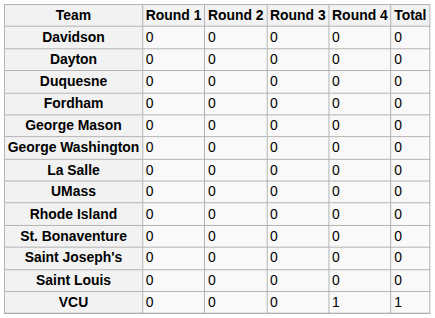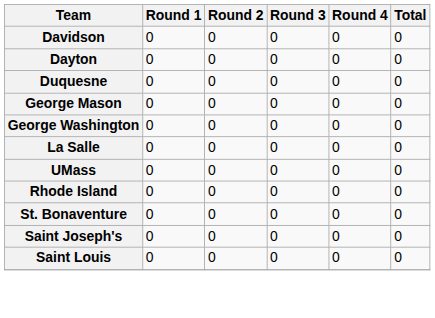 <table class="wikitable sortable">
 <tr>
 <th>Team</th>
 <th>Round 1</th>
 <th>Round 2</th>
 <th>Round 3</th>
 <th>Round 4</th>
 <th>Total</th>
 </tr>
 <tr>
 <th>Davidson</th>
 <td>0</td>
 <td>0</td>
 <td>0</td>
 <td>0</td>
 <td>0</td>
 </tr>
 <tr>
 <th>Dayton</th>
 <td>0</td>
 <td>0</td>
 <td>0</td>
 <td>0</td>
 <td>0</td>
 </tr>
 <tr>
 <th>Duquesne</th>
-<td>0</td>
-<td>0</td>
-<td>0</td>
-<td>0</td>
-<td>0</td>
-</tr>
-<tr>
-<th>Fordham</th>
 <td>0</td>
 <td>0</td>
 <td>0</td>
 <td>0</td>
 <td>0</td>
 </tr>
 <tr>
 <th>George Mason</th>
 <td>0</td>
 <td>0</td>
 <td>0</td>
 <td>0</td>
 <td>0</td>
 </tr>
 <tr>
 <th>George Washington</th>
 <td>0</td>
 <td>0</td>
 <td>0</td>
 <td>0</td>
 <td>0</td>
 </tr>
 <tr>
 <th>La Salle</th>
 <td>0</td>
 <td>0</td>
 <td>0</td>
 <td>0</td>
 <td>0</td>
 </tr>
 <tr>
 <th>UMass</th>
 <td>0</td>
 <td>0</td>
 <td>0</td>
 <td>0</td>
 <td>0</td>
 </tr>
 <tr>
 <th>Rhode Island</th>
 <td>0</td>
 <td>0</td>
 <td>0</td>
 <td>0</td>
 <td>0</td>
 </tr>
 <tr>
 <th>St. Bonaventure</th>
 <td>0</td>
 <td>0</td>
 <td>0</td>
 <td>0</td>
 <td>0</td>
 </tr>
 <tr>
 <th>Saint Joseph's</th>
 <td>0</td>
 <td>0</td>
 <td>0</td>
 <td>0</td>
 <td>0</td>
 </tr>
 <tr>
 <th>Saint Louis</th>
 <td>0</td>
 <td>0</td>
 <td>0</td>
 <td>0</td>
 <td>0</td>
 </tr>
 <tr>
-<th>VCU</th>
-<td>0</td>
-<td>0</td>
-<td>0</td>
-<td>1</td>
-<td>1</td>
-</tr>
-<tr>
 </tr>
 </table>
